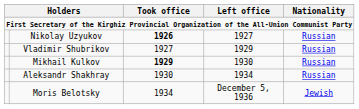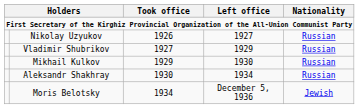 <table class="wikitable" style="text-align:center">
 <tr style="background:#cccccc">
 <th colspan="2" width="150">Holders</th>
 <th rowspan="1" width="125">Took office</th>
 <th rowspan="1" width="125">Left office</th>
 <th>Nationality</th>
 </tr>
 <tr>
 <td colspan="5" align="center"><strong><small>First Secretary of the Kirghiz Provincial Organization of the All-Union Communist Party</small></strong></td>
 </tr>
 <tr>
 <td rowspan="1" style="background-color: "></td>
 <td rowspan=1>Nikolay Uzyukov<br></td>
-<td rowspan=1><strong>1926<br></strong></td>
+<td rowspan=1>1926<br></td>
 <td rowspan=1>1927<br></td>
 <td rowspan=1><a href='#'>Russian</a><br></td>
 </tr>
 <tr>
 <td rowspan="1" style="background-color: "></td>
 <td rowspan=1>Vladimir Shubrikov<br></td>
 <td rowspan=1>1927<br></td>
 <td rowspan=1>1929<br></td>
 <td rowspan=1><a href='#'>Russian</a><br></td>
 </tr>
 <tr>
 <td rowspan="1" style="background-color: "></td>
 <td rowspan=1>Mikhail Kulkov<br></td>
-<td rowspan=1><strong>1929<br></strong></td>
+<td rowspan=1>1929<br></td>
 <td rowspan=1>1930<br></td>
 <td rowspan=1><a href='#'>Russian</a><br></td>
 </tr>
 <tr>
 <td rowspan="1" style="background-color: "></td>
 <td rowspan=1>Aleksandr Shakhray<br></td>
 <td rowspan=1>1930<br></td>
 <td rowspan=1>1934<br></td>
 <td rowspan=1><a href='#'>Russian</a><br></td>
 </tr>
 <tr>
 <td rowspan="1" style="background-color: "></td>
 <td rowspan=1>Moris Belotsky<br></td>
 <td rowspan=1>1934<br></td>
 <td rowspan=1>December 5, 1936<br></td>
 <td rowspan=1><a href='#'>Jewish</a><br></td>
 </tr>
 </table>
